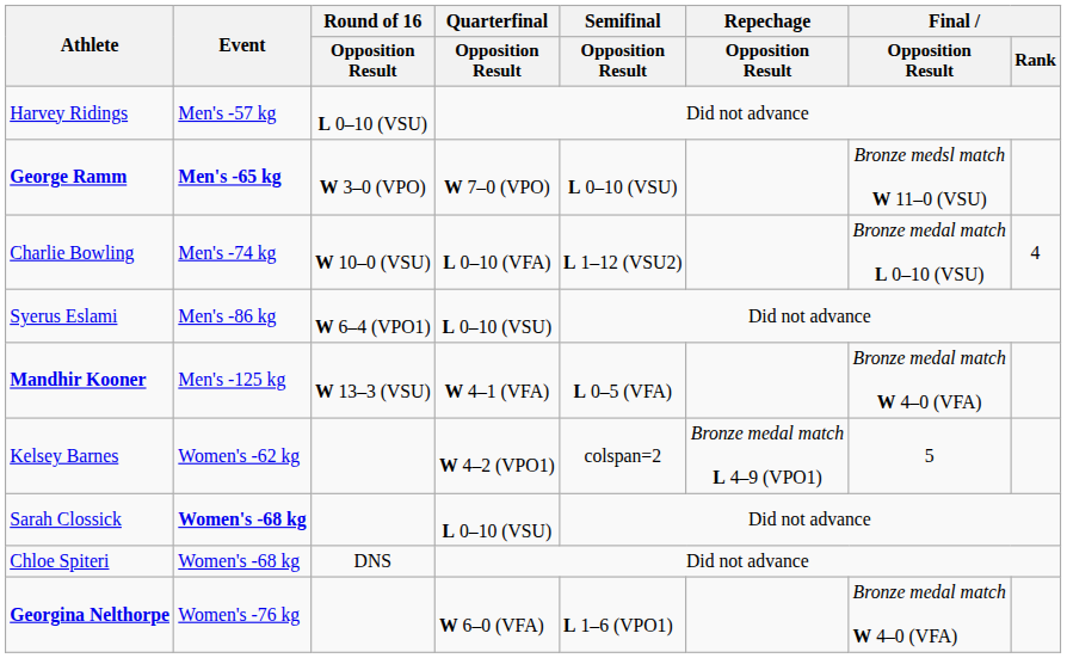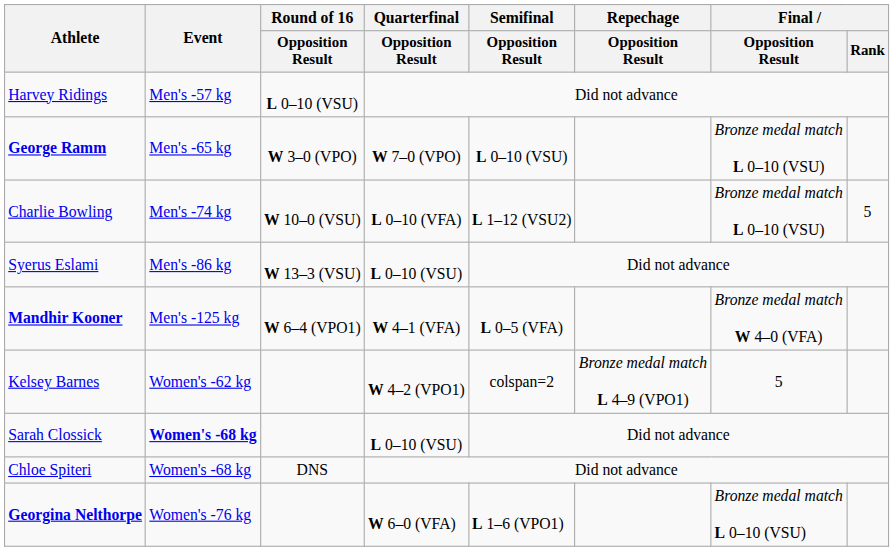 <table class="wikitable" style="font-size:90%;">
 <tr>
 <th rowspan=2>Athlete</th>
 <th rowspan=2>Event</th>
 <th>Round of 16</th>
 <th>Quarterfinal</th>
 <th>Semifinal</th>
 <th>Repechage</th>
 <th colspan=2>Final / </th>
 </tr>
 <tr style="font-size: 95%">
 <th>Opposition<br>Result</th>
 <th>Opposition<br>Result</th>
 <th>Opposition<br>Result</th>
 <th>Opposition<br>Result</th>
 <th>Opposition<br>Result</th>
 <th>Rank</th>
 </tr>
 <tr align=center>
 <td align=left><a href='#'>Harvey Ridings</a></td>
 <td align=left><a href='#'>Men's -57 kg</a></td>
 <td><br><strong>L</strong> 0–10 (VSU)</td>
 <td colspan=5>Did not advance</td>
 </tr>
 <tr align=center>
 <td align=left><strong><a href='#'>George Ramm</a></strong></td>
-<td align=left><strong><a href='#'>Men's -65 kg</a></strong></td>
+<td align=left><a href='#'>Men's -65 kg</a></td>
 <td><br><strong>W</strong> 3–0 (VPO)</td>
 <td><br><strong>W</strong> 7–0 (VPO)</td>
 <td><br><strong>L</strong> 0–10 (VSU)</td>
 <td></td>
-<td><em>Bronze medsl match</em><br><br><strong>W</strong> 11–0 (VSU)</td>
+<td><em>Bronze medal match</em><br><br><strong>L</strong> 0–10 (VSU)</td>
 <td></td>
 </tr>
 <tr align=center>
 <td align=left><a href='#'>Charlie Bowling</a></td>
 <td align=left><a href='#'>Men's -74 kg</a></td>
 <td><br><strong>W</strong> 10–0 (VSU)</td>
 <td><br><strong>L</strong> 0–10 (VFA)</td>
 <td><br><strong>L</strong> 1–12 (VSU2)</td>
 <td></td>
 <td><em>Bronze medal match</em><br><br><strong>L</strong> 0–10 (VSU)</td>
-<td>4</td>
+<td>5</td>
 </tr>
 <tr align=center>
 <td align=left><a href='#'>Syerus Eslami</a></td>
 <td align=left><a href='#'>Men's -86 kg</a></td>
-<td><br><strong>W</strong> 6–4 (VPO1)</td>
+<td><br><strong>W</strong> 13–3 (VSU)</td>
 <td><br><strong>L</strong> 0–10 (VSU)</td>
 <td colspan=4>Did not advance</td>
 </tr>
 <tr align=center>
 <td align=left><strong><a href='#'>Mandhir Kooner</a></strong></td>
 <td align=left><a href='#'>Men's -125 kg</a></td>
-<td><br><strong>W</strong> 13–3 (VSU)</td>
+<td><br><strong>W</strong> 6–4 (VPO1)</td>
 <td><br><strong>W</strong> 4–1 (VFA)</td>
 <td><br><strong>L</strong> 0–5 (VFA)</td>
 <td></td>
 <td><em>Bronze medal match</em><br><br><strong>W</strong> 4–0 (VFA)</td>
 <td></td>
 </tr>
 <tr align=center>
 <td align=left><a href='#'>Kelsey Barnes</a></td>
 <td align=left><a href='#'>Women's -62 kg</a></td>
 <td></td>
 <td><br><strong>W</strong> 4–2 (VPO1)</td>
 <td>colspan=2 </td>
 <td><em>Bronze medal match</em><br><br><strong>L</strong> 4–9 (VPO1)</td>
 <td>5</td>
 </tr>
 <tr align=center>
 <td align=left><a href='#'>Sarah Clossick</a></td>
 <td align=left><strong><a href='#'>Women's -68 kg</a></strong></td>
 <td></td>
 <td><br><strong>L</strong> 0–10 (VSU)</td>
 <td colspan=4>Did not advance</td>
 </tr>
 <tr align=center>
 <td align=left><a href='#'>Chloe Spiteri</a></td>
 <td align=left><a href='#'>Women's -68 kg</a></td>
 <td>DNS</td>
 <td colspan=5>Did not advance</td>
 </tr>
 <tr>
 <td align=left><strong><a href='#'>Georgina Nelthorpe</a></strong></td>
 <td align=left><a href='#'>Women's -76 kg</a></td>
 <td></td>
 <td><br><strong>W</strong> 6–0 (VFA)</td>
 <td><br><strong>L</strong> 1–6 (VPO1)</td>
 <td></td>
-<td><em>Bronze medal match</em><br><br><strong>W</strong> 4–0 (VFA)</td>
+<td><em>Bronze medal match</em><br><br><strong>L</strong> 0–10 (VSU)</td>
 <td></td>
 </tr>
 </table>
